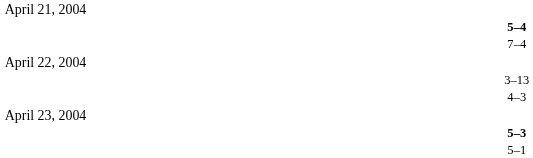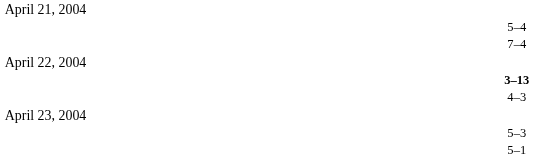 <table style="width:70%;" cellspacing="1">
 <tr>
 <th width=35%></th>
 <th width=15%></th>
 <th></th>
 </tr>
 <tr>
 <td>April 21, 2004</td>
 </tr>
 <tr style=font-size:90%>
 <td align=right></td>
-<td align=center><strong>5–4</strong></td>
+<td align=center>5–4</td>
 <td></td>
 </tr>
 <tr style=font-size:90%>
 <td align=right></td>
 <td align=center>7–4</td>
 <td></td>
 </tr>
 <tr>
 <td>April 22, 2004</td>
 </tr>
 <tr style=font-size:90%>
 <td align=right></td>
-<td align=center>3–13</td>
+<td align=center><strong>3–13</strong></td>
 <td></td>
 </tr>
 <tr style=font-size:90%>
 <td align=right></td>
 <td align=center>4–3</td>
 <td></td>
 </tr>
 <tr>
 <td>April 23, 2004</td>
 </tr>
 <tr style=font-size:90%>
 <td align=right></td>
-<td align=center><strong>5–3</strong></td>
+<td align=center>5–3</td>
 <td></td>
 </tr>
 <tr style=font-size:90%>
 <td align=right></td>
 <td align=center>5–1</td>
 <td></td>
 </tr>
 </table>
